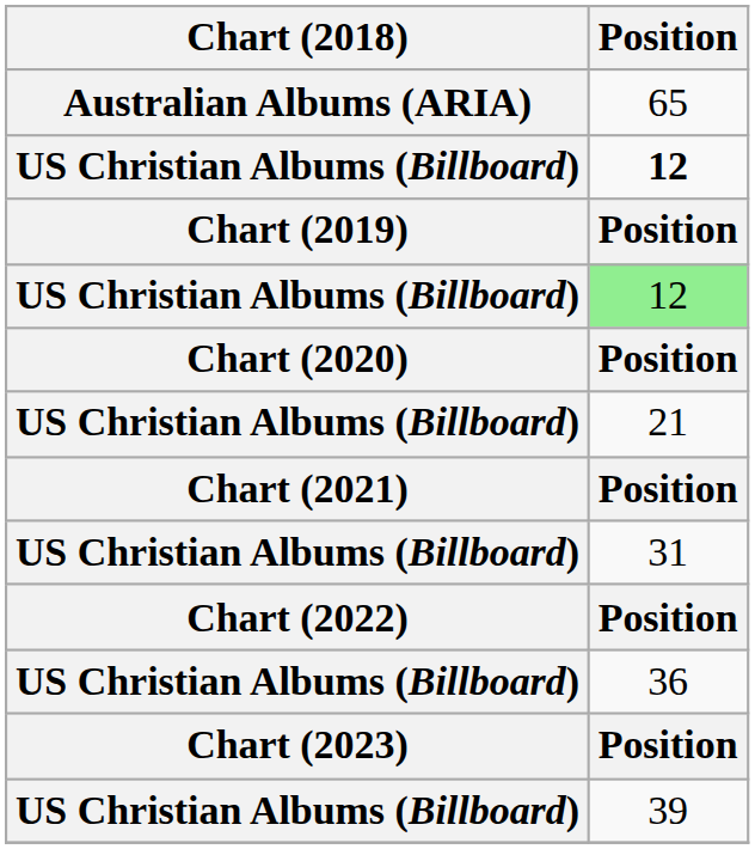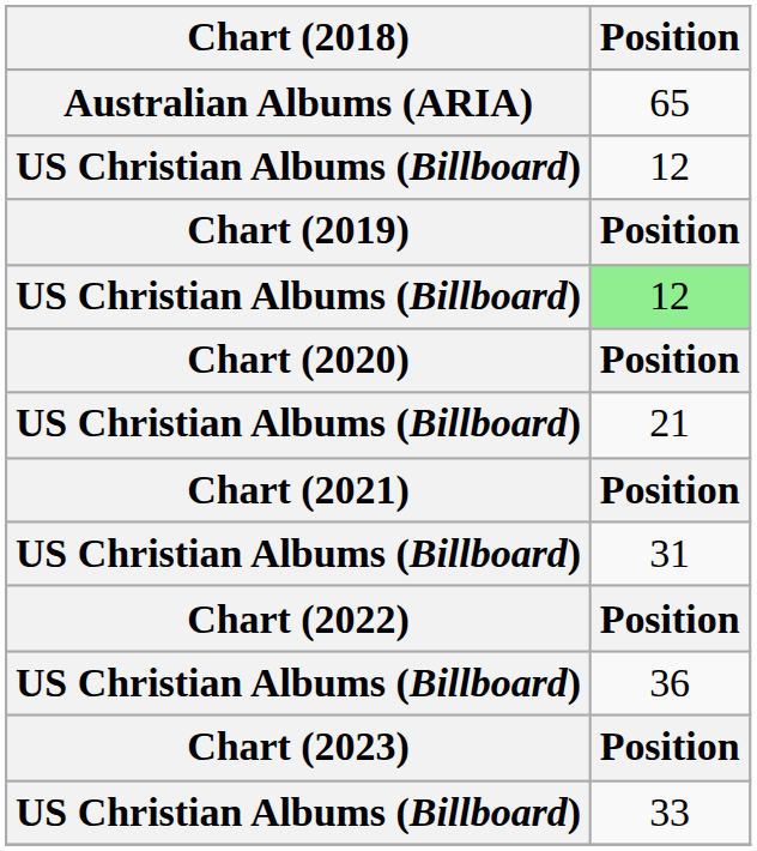 <table class="wikitable plainrowheaders" style="text-align:center">
 <tr>
 <th scope="col">Chart (2018)</th>
 <th scope="col">Position</th>
 </tr>
 <tr>
 <th scope="row">Australian Albums (ARIA)</th>
 <td>65</td>
 </tr>
 <tr>
 <th scope="row">US Christian Albums (<em>Billboard</em>)</th>
-<td><strong>12</strong></td>
+<td>12</td>
 </tr>
 <tr>
 <th scope="col">Chart (2019)</th>
 <th scope="col">Position</th>
 </tr>
 <tr>
 <th scope="row">US Christian Albums (<em>Billboard</em>)</th>
 <td style="background: lightgreen;">12</td>
 </tr>
 <tr>
 <th scope="col">Chart (2020)</th>
 <th scope="col">Position</th>
 </tr>
 <tr>
 <th scope="row">US Christian Albums (<em>Billboard</em>)</th>
 <td>21</td>
 </tr>
 <tr>
 <th scope="col">Chart (2021)</th>
 <th scope="col">Position</th>
 </tr>
 <tr>
 <th scope="row">US Christian Albums (<em>Billboard</em>)</th>
 <td>31</td>
 </tr>
 <tr>
 <th scope="col">Chart (2022)</th>
 <th scope="col">Position</th>
 </tr>
 <tr>
 <th scope="row">US Christian Albums (<em>Billboard</em>)</th>
 <td>36</td>
 </tr>
 <tr>
 <th scope="col">Chart (2023)</th>
 <th scope="col">Position</th>
 </tr>
 <tr>
 <th scope="row">US Christian Albums (<em>Billboard</em>)</th>
-<td>39</td>
+<td>33</td>
 </tr>
 <tr>
 </tr>
 </table>
